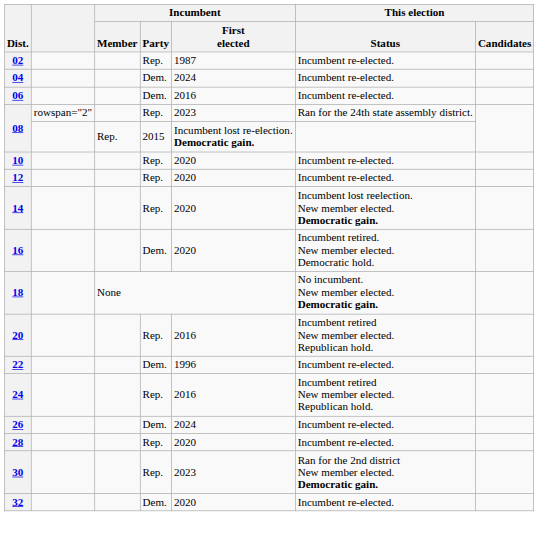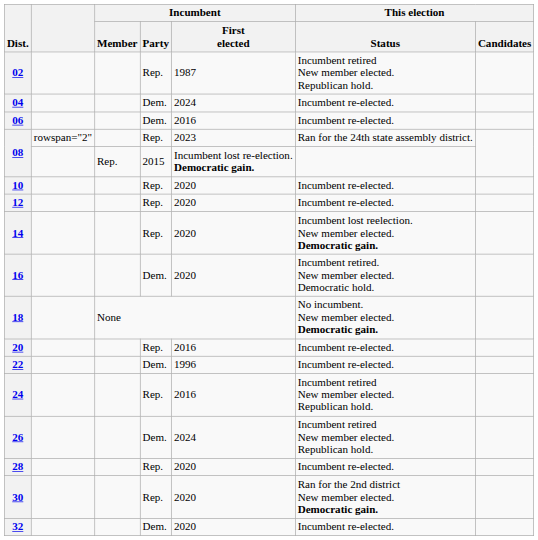 <table class="wikitable sortable">
 <tr valign="bottom">
 <th colspan="1" rowspan="2">Dist.</th>
 <th rowspan="2"></th>
 <th colspan="3">Incumbent</th>
 <th colspan="2">This election</th>
 </tr>
 <tr valign="bottom">
 <th>Member</th>
 <th>Party</th>
 <th>First<br>elected</th>
 <th>Status</th>
 <th>Candidates</th>
 </tr>
 <tr>
 <th><a href='#'>02</a></th>
 <td></td>
 <td><br></td>
 <td>Rep.</td>
 <td>1987 </td>
-<td>Incumbent re-elected.</td>
+<td>Incumbent retired<br>New member elected.<br>Republican hold.</td>
 <td></td>
 </tr>
 <tr>
 <th><a href='#'>04</a></th>
 <td></td>
 <td></td>
 <td>Dem.</td>
 <td>2024 </td>
 <td>Incumbent re-elected.</td>
 <td></td>
 </tr>
 <tr>
 <th><a href='#'>06</a></th>
 <td></td>
 <td></td>
 <td>Dem.</td>
 <td>2016</td>
 <td>Incumbent re-elected.</td>
 <td></td>
 </tr>
 <tr>
 <th rowspan="2"><a href='#'>08</a></th>
 <td>rowspan="2" </td>
 <td></td>
 <td>Rep.</td>
 <td>2023 </td>
 <td>Ran for the 24th state assembly district.</td>
 <td rowspan="2"></td>
 </tr>
 <tr>
 <td><br></td>
 <td>Rep.</td>
 <td>2015 </td>
 <td>Incumbent lost re-election.<br><strong>Democratic gain.</strong></td>
 </tr>
 <tr>
 <th><a href='#'>10</a></th>
 <td></td>
 <td></td>
 <td>Rep.</td>
 <td>2020</td>
 <td>Incumbent re-elected.</td>
 <td></td>
 </tr>
 <tr>
 <th><a href='#'>12</a></th>
 <td></td>
 <td></td>
 <td>Rep.</td>
 <td>2020</td>
 <td>Incumbent re-elected.</td>
 <td></td>
 </tr>
 <tr>
 <th><a href='#'>14</a></th>
 <td></td>
 <td><br></td>
 <td>Rep.</td>
 <td>2020</td>
 <td>Incumbent lost reelection.<br>New member elected.<br><strong>Democratic gain.</strong></td>
 <td></td>
 </tr>
 <tr>
 <th><a href='#'>16</a></th>
 <td></td>
 <td><br></td>
 <td>Dem.</td>
 <td>2020</td>
 <td>Incumbent retired.<br>New member elected.<br>Democratic hold.</td>
 <td></td>
 </tr>
 <tr>
 <th><a href='#'>18</a></th>
 <td></td>
 <td colspan="3">None </td>
 <td>No incumbent.<br>New member elected.<br><strong>Democratic gain.</strong></td>
 <td></td>
 </tr>
 <tr>
 <th><a href='#'>20</a></th>
 <td></td>
 <td><br></td>
 <td>Rep.</td>
 <td>2016</td>
-<td>Incumbent retired<br>New member elected.<br>Republican hold.</td>
+<td>Incumbent re-elected.</td>
 <td></td>
 </tr>
 <tr>
 <th><a href='#'>22</a></th>
 <td></td>
 <td></td>
 <td>Dem.</td>
 <td>1996</td>
 <td>Incumbent re-elected.</td>
 <td></td>
 </tr>
 <tr>
 <th><a href='#'>24</a></th>
 <td></td>
 <td></td>
 <td>Rep.</td>
 <td>2016</td>
 <td>Incumbent retired<br>New member elected.<br>Republican hold.</td>
 <td></td>
 </tr>
 <tr>
 <th><a href='#'>26</a></th>
 <td></td>
 <td></td>
 <td>Dem.</td>
 <td>2024</td>
-<td>Incumbent re-elected.</td>
+<td>Incumbent retired<br>New member elected.<br>Republican hold.</td>
 <td></td>
 </tr>
 <tr>
 <th><a href='#'>28</a></th>
 <td></td>
 <td><br></td>
 <td>Rep.</td>
 <td>2020</td>
 <td>Incumbent re-elected.</td>
 <td></td>
 </tr>
 <tr>
 <th><a href='#'>30</a></th>
 <td></td>
 <td></td>
 <td>Rep.</td>
-<td>2023</td>
+<td>2020</td>
 <td>Ran for the 2nd district<br>New member elected.<br><strong>Democratic gain.</strong></td>
 <td></td>
 </tr>
 <tr>
 <th><a href='#'>32</a></th>
 <td></td>
 <td></td>
 <td>Dem.</td>
 <td>2020</td>
 <td>Incumbent re-elected.</td>
 <td></td>
 </tr>
 </table>
